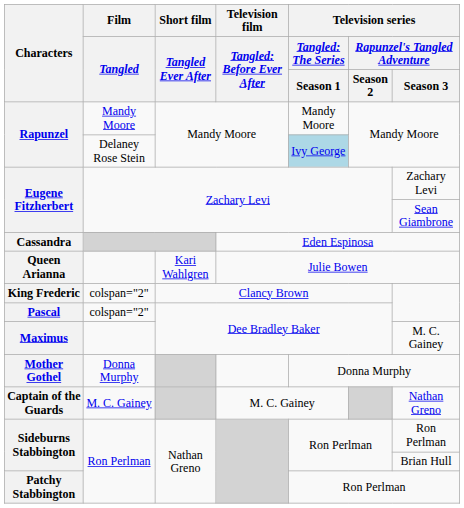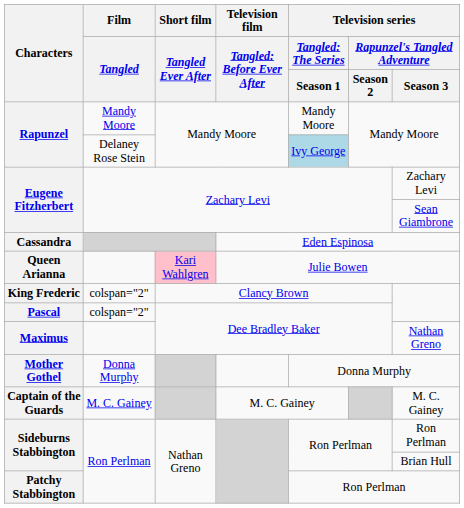 <table class="wikitable" style="text-align:center;" "width:99%;">
 <tr>
 <th rowspan="3">Characters</th>
 <th>Film</th>
 <th>Short film</th>
 <th>Television film</th>
 <th colspan="3">Television series</th>
 </tr>
 <tr>
 <th rowspan="2"><em><a href='#'>Tangled</a></em></th>
 <th rowspan="2"><em><a href='#'>Tangled Ever After</a></em></th>
 <th rowspan="2"><em><a href='#'>Tangled: Before Ever After</a></em></th>
 <th><em><a href='#'>Tangled: The Series</a></em></th>
 <th colspan="2"><em><a href='#'>Rapunzel's Tangled Adventure</a></em></th>
 </tr>
 <tr>
 <th>Season 1</th>
 <th>Season 2</th>
 <th>Season 3</th>
 </tr>
 <tr>
 <th rowspan="2"><a href='#'>Rapunzel</a></th>
 <td><a href='#'>Mandy Moore</a></td>
 <td rowspan="2" colspan="2">Mandy Moore</td>
 <td>Mandy Moore</td>
 <td colspan="2" rowspan="2">Mandy Moore</td>
 </tr>
 <tr>
 <td>Delaney Rose Stein</td>
 <td style="background: lightblue;"><a href='#'>Ivy George</a></td>
 </tr>
 <tr>
 <th rowspan="2"><a href='#'>Eugene Fitzherbert</a></th>
 <td rowspan="2" colspan="5"><a href='#'>Zachary Levi</a></td>
 <td>Zachary Levi</td>
 </tr>
 <tr>
 <td><a href='#'>Sean Giambrone</a></td>
 </tr>
 <tr>
 <th>Cassandra</th>
 <td colspan="2" style="background:#d3d3d3;"></td>
 <td colspan="4"><a href='#'>Eden Espinosa</a></td>
 </tr>
 <tr>
 <th>Queen Arianna</th>
 <td></td>
-<td><a href='#'>Kari Wahlgren</a></td>
+<td style="background: pink;"><a href='#'>Kari Wahlgren</a></td>
 <td colspan="4"><a href='#'>Julie Bowen</a></td>
 </tr>
 <tr>
 <th>King Frederic</th>
 <td>colspan="2" </td>
 <td colspan="4"><a href='#'>Clancy Brown</a></td>
 </tr>
 <tr>
 <th><a href='#'>Pascal</a></th>
 <td>colspan="2" </td>
 <td rowspan="2"  colspan="4"><a href='#'>Dee Bradley Baker</a></td>
 </tr>
 <tr>
 <th><a href='#'>Maximus</a></th>
 <td></td>
-<td>M. C. Gainey</td>
+<td><a href='#'>Nathan Greno</a></td>
 </tr>
 <tr>
 <th><a href='#'>Mother Gothel</a></th>
 <td><a href='#'>Donna Murphy</a></td>
 <td style="background:#d3d3d3;"></td>
 <td></td>
 <td colspan="3">Donna Murphy</td>
 </tr>
 <tr>
 <th>Captain of the Guards</th>
 <td><a href='#'>M. C. Gainey</a></td>
 <td style="background:#d3d3d3;"></td>
 <td colspan="2">M. C. Gainey</td>
 <td style="background:#d3d3d3;"></td>
-<td><a href='#'>Nathan Greno</a></td>
+<td>M. C. Gainey</td>
 </tr>
 <tr>
 <th rowspan="2">Sideburns Stabbington</th>
 <td rowspan="3"><a href='#'>Ron Perlman</a></td>
 <td rowspan="3">Nathan Greno</td>
 <td rowspan="3" style="background:#d3d3d3;"></td>
 <td rowspan="2" colspan="2">Ron Perlman</td>
 <td>Ron Perlman</td>
 </tr>
 <tr>
 <td>Brian Hull</td>
 </tr>
 <tr>
 <th>Patchy Stabbington</th>
 <td colspan="3">Ron Perlman</td>
 </tr>
 </table>
